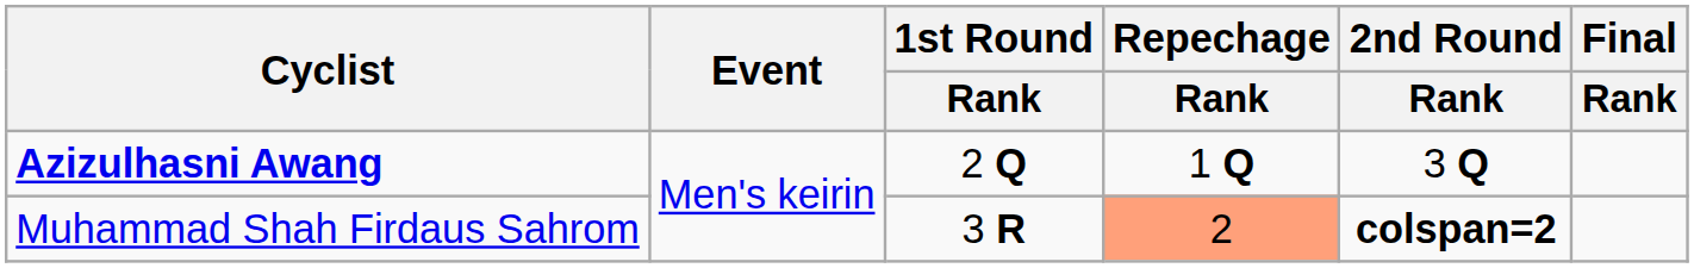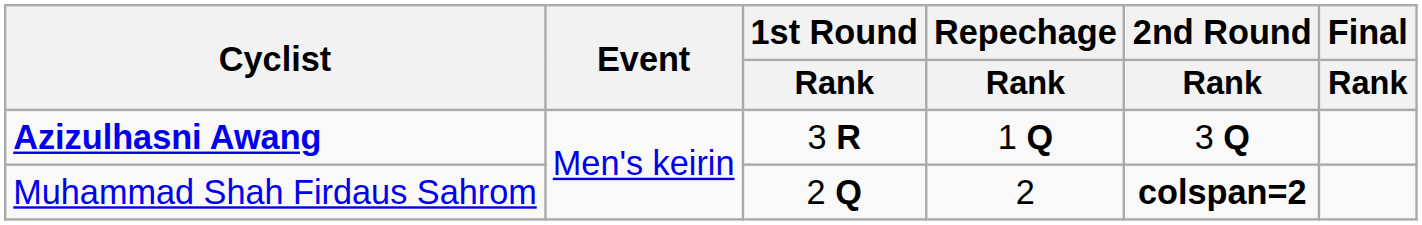 <table class="wikitable" style="font-size:90%">
 <tr>
 <th rowspan=2>Cyclist</th>
 <th rowspan=2>Event</th>
 <th>1st Round</th>
 <th>Repechage</th>
 <th>2nd Round</th>
 <th>Final</th>
 </tr>
 <tr style="font-size:95%">
 <th>Rank</th>
 <th>Rank</th>
 <th>Rank</th>
 <th>Rank</th>
 </tr>
 <tr align=center>
 <td align=left><strong><a href='#'>Azizulhasni Awang</a></strong></td>
 <td align=left rowspan=2><a href='#'>Men's keirin</a></td>
-<td>2 <strong>Q</strong></td>
+<td>3 <strong>R</strong></td>
 <td>1 <strong>Q</strong></td>
 <td>3 <strong>Q</strong></td>
 <td></td>
 </tr>
 <tr align=center>
 <td align=left><a href='#'>Muhammad Shah Firdaus Sahrom</a></td>
-<td>3 <strong>R</strong></td>
-<td style="background: lightsalmon;">2</td>
+<td>2 <strong>Q</strong></td>
+<td>2</td>
 <td><strong>colspan=2 </strong></td>
 </tr>
 </table>
